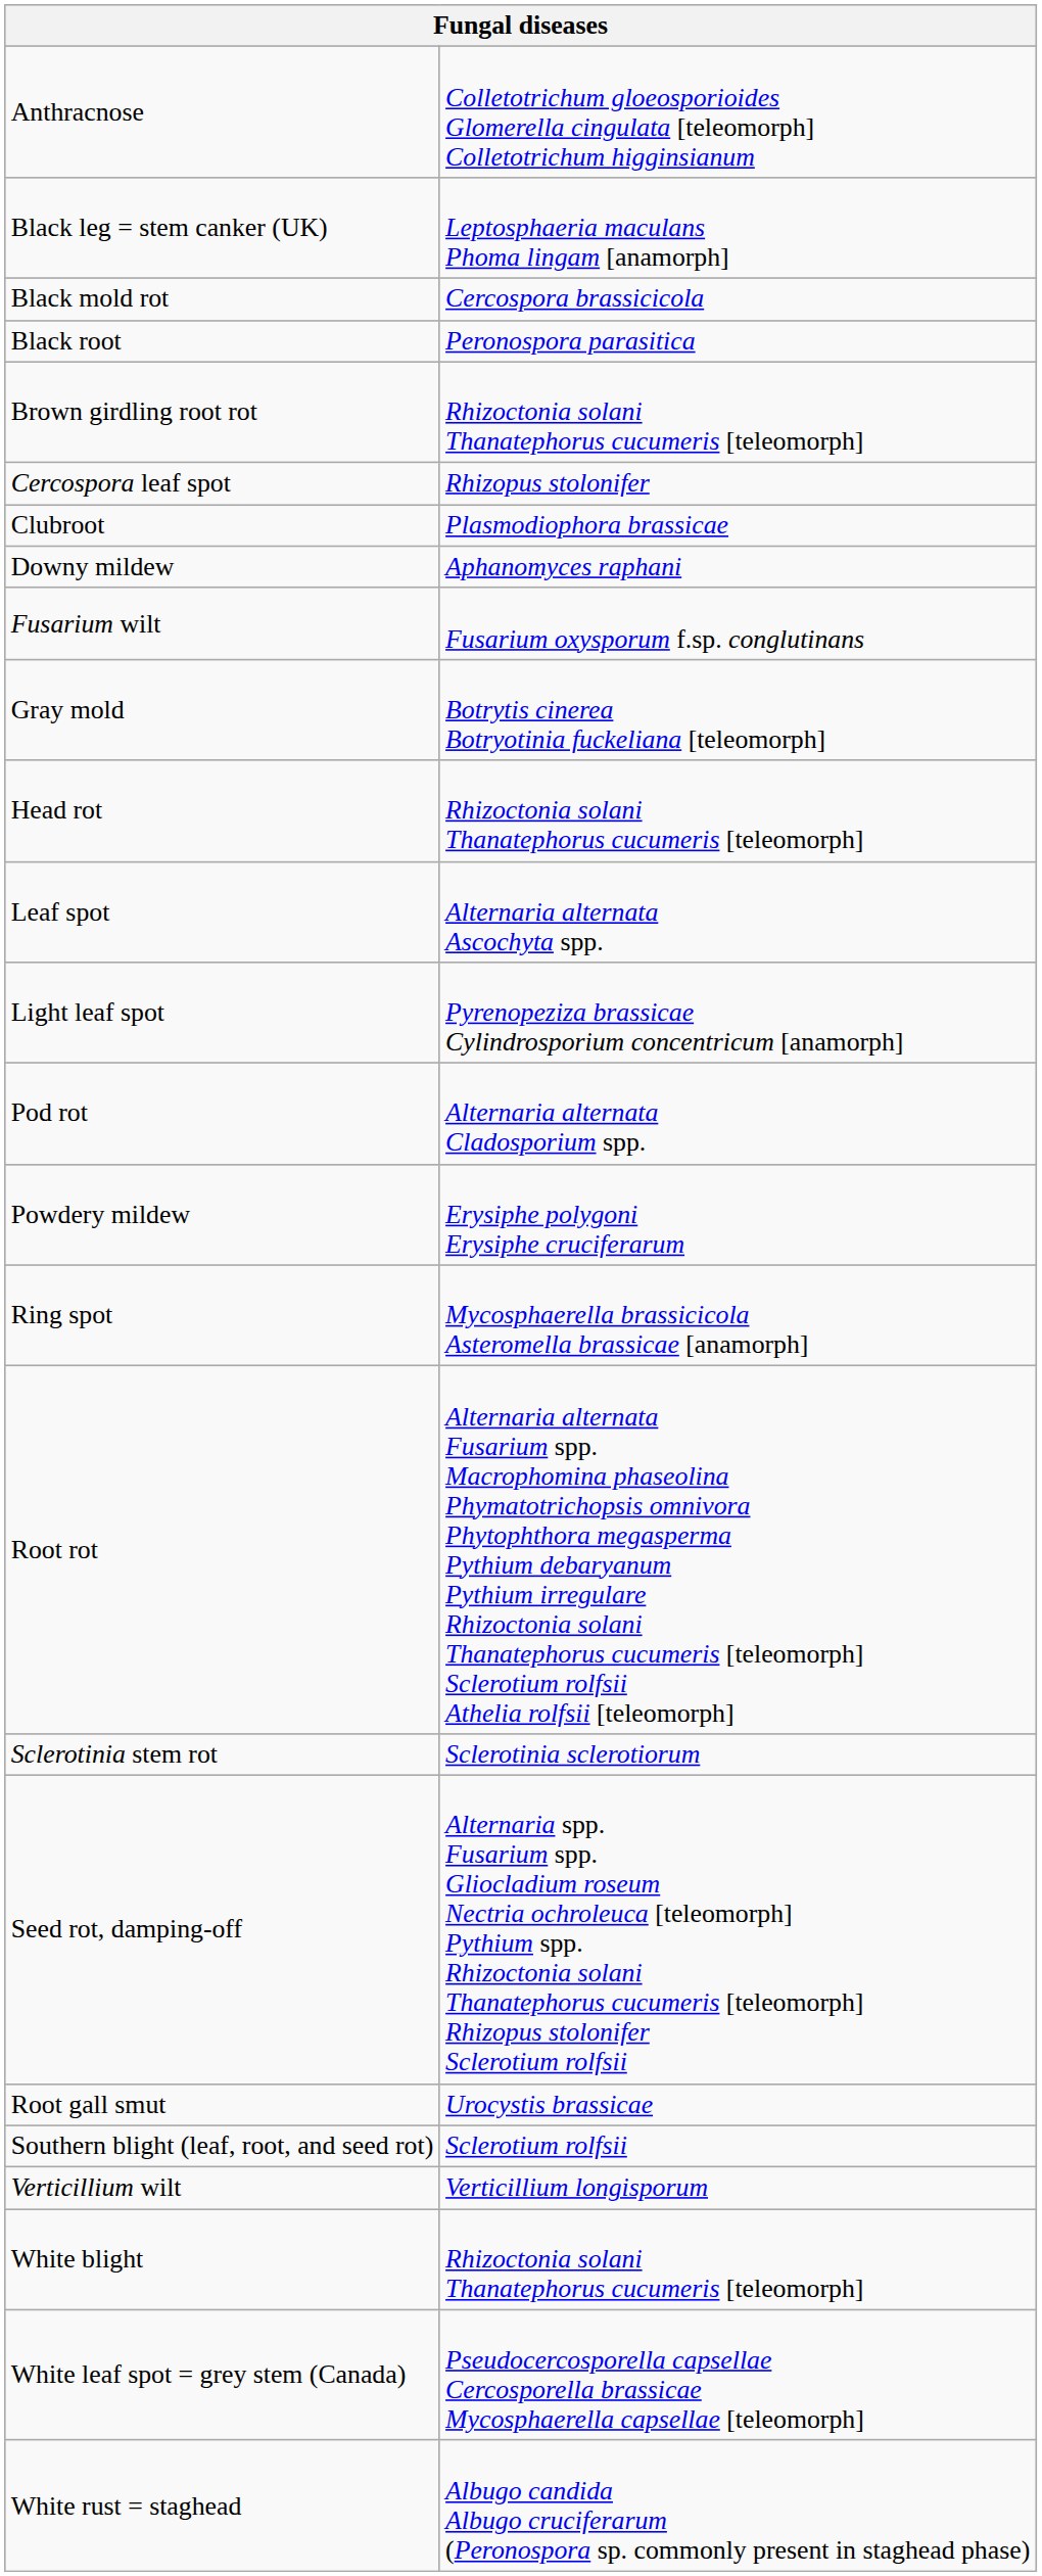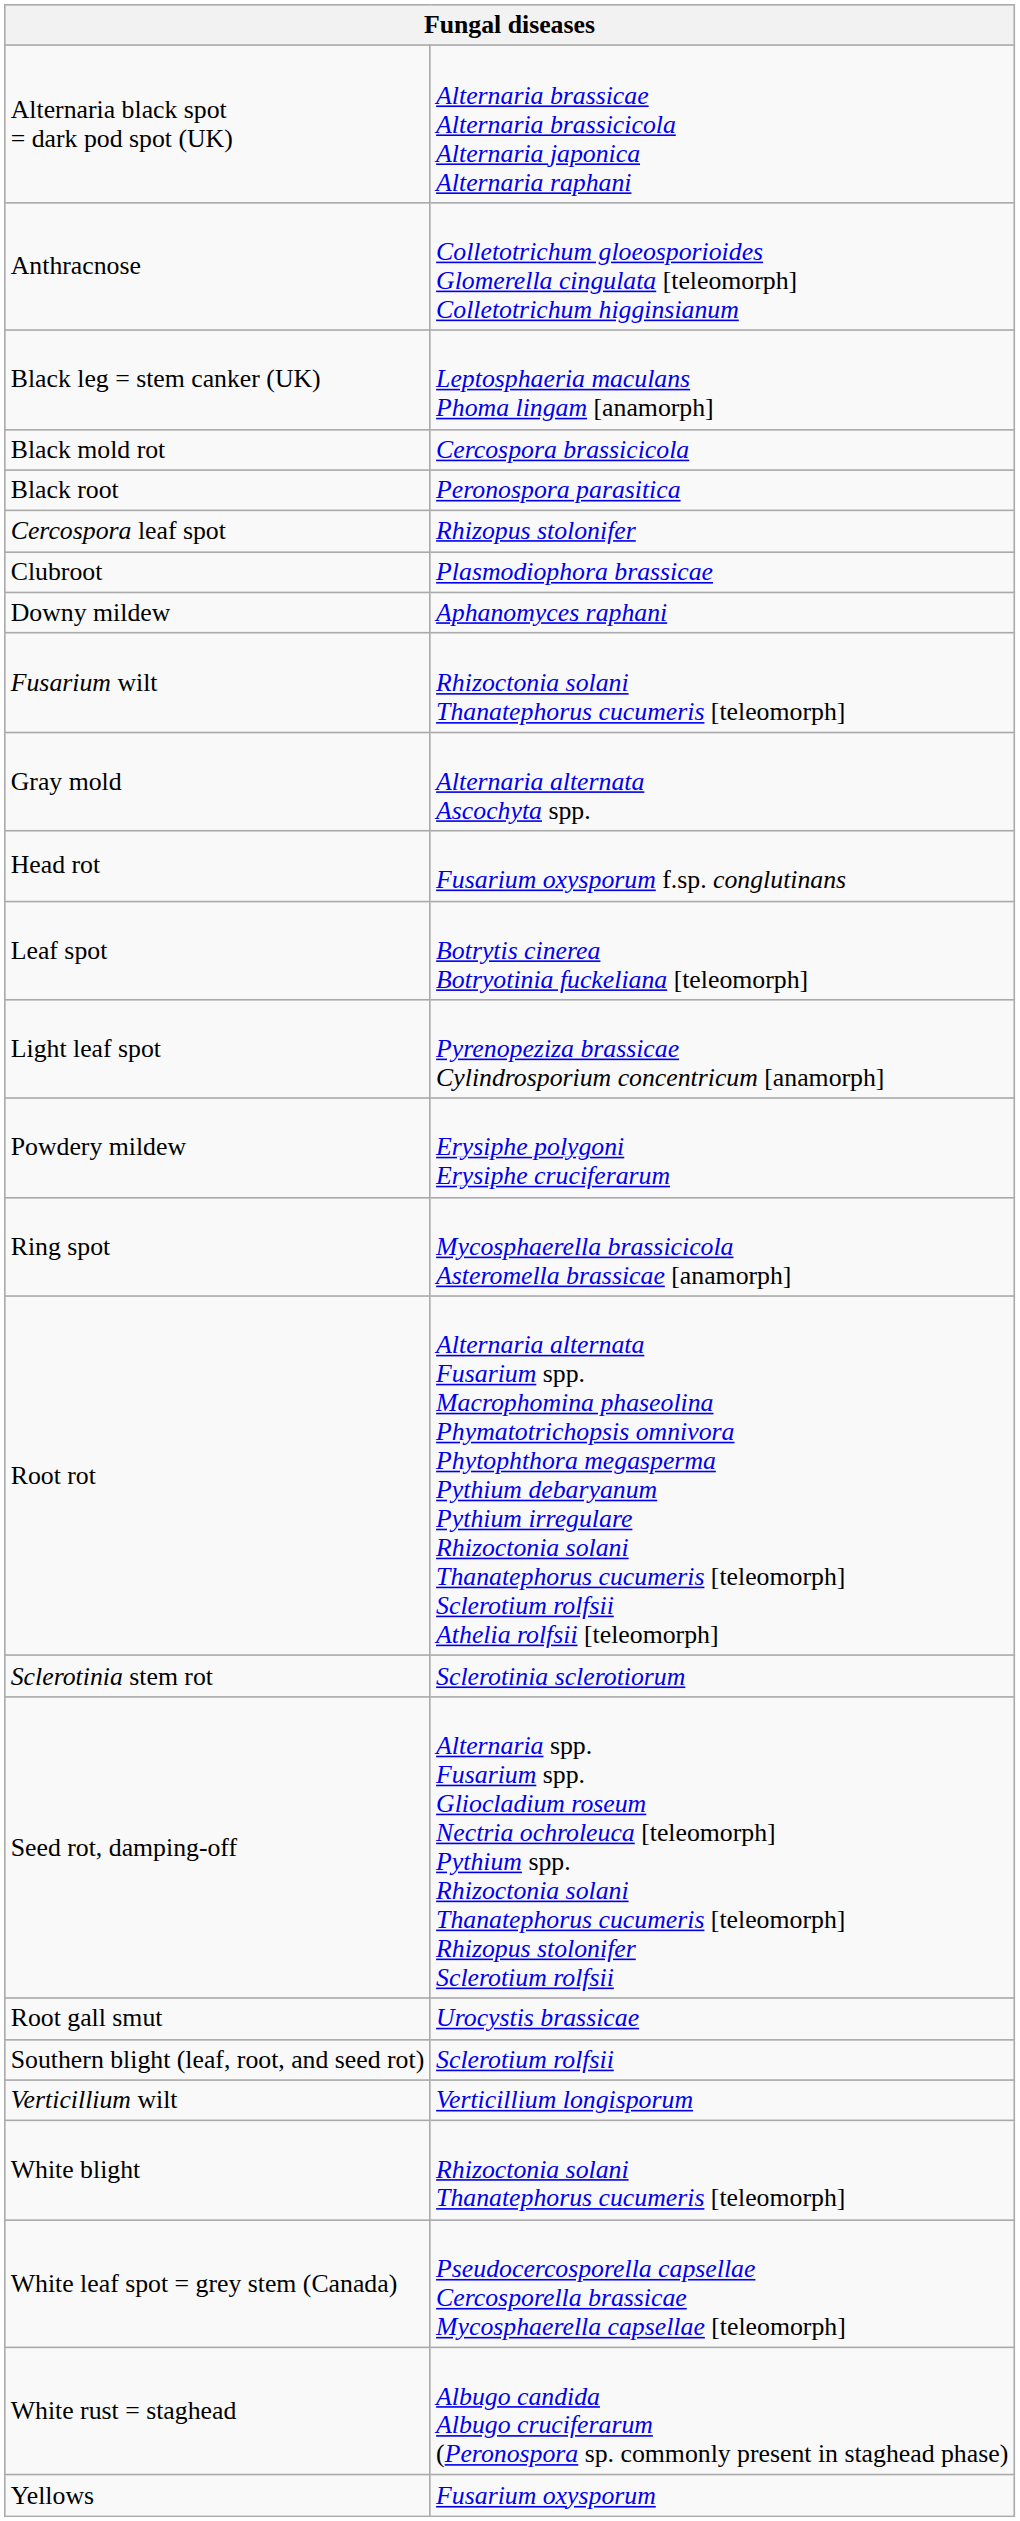 <table class="wikitable" style="clear:left">
 <tr>
 <th colspan=2><strong>Fungal diseases</strong></th>
+</tr>
+<tr>
+<td>Alternaria black spot <br>= dark pod spot (UK)</td>
+<td><br><em><a href='#'>Alternaria brassicae</a></em><br> <em><a href='#'>Alternaria brassicicola</a></em><br> <em><a href='#'>Alternaria japonica</a></em> <br>  <em><a href='#'>Alternaria raphani</a></em><br></td>
 </tr>
 <tr>
 <td>Anthracnose</td>
 <td><br><em><a href='#'>Colletotrichum gloeosporioides</a></em><br>  <em><a href='#'>Glomerella cingulata</a></em> [teleomorph] <br> <em><a href='#'>Colletotrichum higginsianum</a></em></td>
 </tr>
 <tr>
 <td>Black leg = stem canker (UK)</td>
 <td><br><em><a href='#'>Leptosphaeria maculans</a></em><br> <em><a href='#'>Phoma lingam</a></em> [anamorph]</td>
 </tr>
 <tr>
 <td>Black mold rot</td>
 <td><em><a href='#'>Cercospora brassicicola</a></em></td>
 </tr>
 <tr>
 <td>Black root</td>
 <td><em><a href='#'>Peronospora parasitica</a></em></td>
 </tr>
 <tr>
-<td>Brown girdling root rot</td>
-<td><br><em><a href='#'>Rhizoctonia solani</a></em><br> <em><a href='#'>Thanatephorus cucumeris</a></em> [teleomorph]</td>
-</tr>
-<tr>
 <td><em>Cercospora</em> leaf spot</td>
 <td><em><a href='#'>Rhizopus stolonifer</a></em></td>
 </tr>
 <tr>
 <td>Clubroot</td>
 <td><em><a href='#'>Plasmodiophora brassicae</a></em></td>
 </tr>
 <tr>
 <td>Downy mildew</td>
 <td><em><a href='#'>Aphanomyces raphani</a></em></td>
 </tr>
 <tr>
 <td><em>Fusarium</em> wilt</td>
+<td><br><em><a href='#'>Rhizoctonia solani</a></em><br>  <em><a href='#'>Thanatephorus cucumeris</a></em> [teleomorph]</td>
+</tr>
+<tr>
+<td>Gray mold</td>
+<td><br><em><a href='#'>Alternaria alternata</a></em><br> <em><a href='#'>Ascochyta</a></em> spp.</td>
+</tr>
+<tr>
+<td>Head rot</td>
 <td><br><em><a href='#'>Fusarium oxysporum</a></em> f.sp. <em>conglutinans</em></td>
 </tr>
 <tr>
-<td>Gray mold</td>
+<td>Leaf spot</td>
 <td><br><em><a href='#'>Botrytis cinerea</a></em><br> <em><a href='#'>Botryotinia fuckeliana</a></em> [teleomorph]</td>
-</tr>
-<tr>
-<td>Head rot</td>
-<td><br><em><a href='#'>Rhizoctonia solani</a></em><br>  <em><a href='#'>Thanatephorus cucumeris</a></em> [teleomorph]</td>
-</tr>
-<tr>
-<td>Leaf spot</td>
-<td><br><em><a href='#'>Alternaria alternata</a></em><br> <em><a href='#'>Ascochyta</a></em> spp.</td>
 </tr>
 <tr>
 <td>Light leaf spot</td>
 <td><br><em><a href='#'>Pyrenopeziza brassicae</a></em><br> <em>Cylindrosporium concentricum</em> [anamorph]</td>
-</tr>
-<tr>
-<td>Pod rot</td>
-<td><br><em><a href='#'>Alternaria alternata</a></em><br>  <em><a href='#'>Cladosporium</a></em> spp.</td>
 </tr>
 <tr>
 <td>Powdery mildew</td>
 <td><br><em><a href='#'>Erysiphe polygoni</a></em><br>  <em><a href='#'>Erysiphe cruciferarum</a></em></td>
 </tr>
 <tr>
 <td>Ring spot</td>
 <td><br><em><a href='#'>Mycosphaerella brassicicola</a></em><br> <em><a href='#'>Asteromella brassicae</a></em> [anamorph]</td>
 </tr>
 <tr>
 <td>Root rot</td>
 <td><br><em><a href='#'>Alternaria alternata</a></em><br> <em><a href='#'>Fusarium</a></em> spp. <br> <em><a href='#'>Macrophomina phaseolina</a></em><br> <em><a href='#'>Phymatotrichopsis omnivora</a></em><br> <em><a href='#'>Phytophthora megasperma</a></em><br> <em><a href='#'>Pythium debaryanum</a></em><br> <em><a href='#'>Pythium irregulare</a></em><br> <em><a href='#'>Rhizoctonia solani</a></em><br> <em><a href='#'>Thanatephorus cucumeris</a></em> [teleomorph] <br> <em><a href='#'>Sclerotium rolfsii</a></em><br> <em><a href='#'>Athelia rolfsii</a></em> [teleomorph]</td>
 </tr>
 <tr>
 <td><em>Sclerotinia</em> stem rot</td>
 <td><em><a href='#'>Sclerotinia sclerotiorum</a></em></td>
 </tr>
 <tr>
 <td>Seed rot, damping-off</td>
 <td><br><em><a href='#'>Alternaria</a></em> spp. <br> <em><a href='#'>Fusarium</a></em> spp. <br> <em><a href='#'>Gliocladium roseum</a></em><br> <em><a href='#'>Nectria ochroleuca</a></em> [teleomorph] <br> <em><a href='#'>Pythium</a></em> spp. <br> <em><a href='#'>Rhizoctonia solani</a></em><br> <em><a href='#'>Thanatephorus cucumeris</a></em> [teleomorph] <br> <em><a href='#'>Rhizopus stolonifer</a></em><br> <em><a href='#'>Sclerotium rolfsii</a></em></td>
 </tr>
 <tr>
 <td>Root gall smut</td>
 <td><em><a href='#'>Urocystis brassicae</a></em></td>
 </tr>
 <tr>
 <td>Southern blight (leaf, root, and seed rot)</td>
 <td><em><a href='#'>Sclerotium rolfsii</a></em></td>
 </tr>
 <tr>
 <td><em>Verticillium</em> wilt</td>
 <td><em><a href='#'>Verticillium longisporum</a></em></td>
 </tr>
 <tr>
 <td>White blight</td>
 <td><br><em><a href='#'>Rhizoctonia solani</a></em><br> <em><a href='#'>Thanatephorus cucumeris</a></em> [teleomorph]</td>
 </tr>
 <tr>
 <td>White leaf spot = grey stem (Canada)</td>
 <td><br><em><a href='#'>Pseudocercosporella capsellae</a></em> <br>  <em><a href='#'>Cercosporella brassicae</a></em><br> <em><a href='#'>Mycosphaerella capsellae</a></em> [teleomorph]</td>
 </tr>
 <tr>
 <td>White rust = staghead</td>
 <td><br><em><a href='#'>Albugo candida</a></em> <br>  <em><a href='#'>Albugo cruciferarum</a></em><br> (<em><a href='#'>Peronospora</a></em> sp. commonly present in staghead phase)</td>
 </tr>
+<tr>
+<td>Yellows</td>
+<td><em><a href='#'>Fusarium oxysporum</a></em></td>
+</tr>
 </table>
